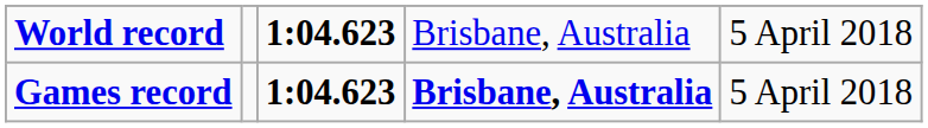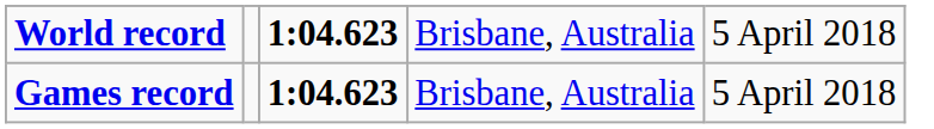 <table class="wikitable">
 <tr>
 <td><a href='#'><strong>World record</strong></a></td>
 <td></td>
 <td><strong>1:04.623</strong></td>
 <td><a href='#'>Brisbane</a>, <a href='#'>Australia</a></td>
 <td>5 April 2018</td>
 </tr>
 <tr>
 <td><a href='#'><strong>Games record</strong></a></td>
 <td></td>
 <td><strong>1:04.623</strong></td>
-<td><strong><a href='#'>Brisbane</a>, <a href='#'>Australia</a></strong></td>
+<td><a href='#'>Brisbane</a>, <a href='#'>Australia</a></td>
 <td>5 April 2018</td>
 </tr>
 </table>
